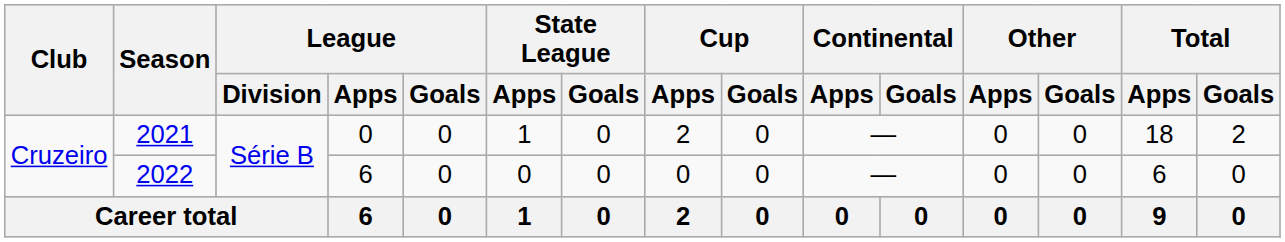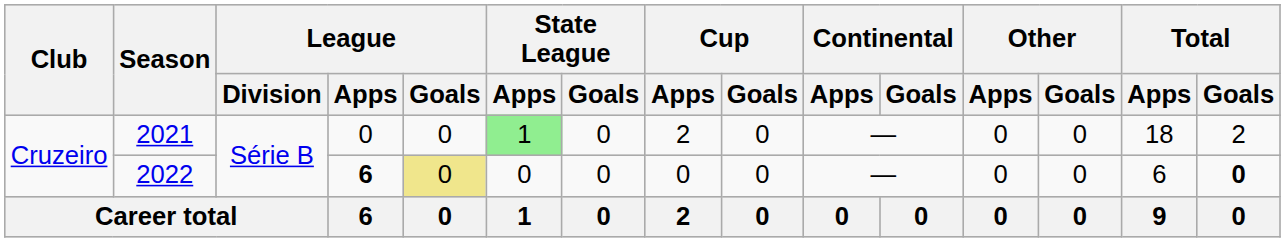 <table class="wikitable" style="text-align: center;">
 <tr>
 <th rowspan="2">Club</th>
 <th rowspan="2">Season</th>
 <th colspan="3">League</th>
 <th colspan="2">State League</th>
 <th colspan="2">Cup</th>
 <th colspan="2">Continental</th>
 <th colspan="2">Other</th>
 <th colspan="2">Total</th>
 </tr>
 <tr>
 <th>Division</th>
 <th>Apps</th>
 <th>Goals</th>
 <th>Apps</th>
 <th>Goals</th>
 <th>Apps</th>
 <th>Goals</th>
 <th>Apps</th>
 <th>Goals</th>
 <th>Apps</th>
 <th>Goals</th>
 <th>Apps</th>
 <th>Goals</th>
 </tr>
 <tr>
 <td rowspan="2"><a href='#'>Cruzeiro</a></td>
 <td><a href='#'>2021</a></td>
 <td rowspan="2"><a href='#'>Série B</a></td>
 <td>0</td>
 <td>0</td>
-<td>1</td>
+<td style="background: lightgreen;">1</td>
 <td>0</td>
 <td>2</td>
 <td>0</td>
 <td colspan="2">—</td>
 <td>0</td>
 <td>0</td>
 <td>18</td>
 <td>2</td>
 </tr>
 <tr>
 <td><a href='#'>2022</a></td>
-<td>6</td>
-<td>0</td>
+<td><strong>6</strong></td>
+<td style="background: khaki;">0</td>
 <td>0</td>
 <td>0</td>
 <td>0</td>
 <td>0</td>
 <td colspan="2">—</td>
 <td>0</td>
 <td>0</td>
 <td>6</td>
-<td>0</td>
+<td><strong>0</strong></td>
 </tr>
 <tr>
 <th colspan="3"><strong>Career total</strong></th>
 <th>6</th>
 <th>0</th>
 <th>1</th>
 <th>0</th>
 <th>2</th>
 <th>0</th>
 <th>0</th>
 <th>0</th>
 <th>0</th>
 <th>0</th>
 <th>9</th>
 <th>0</th>
 </tr>
 </table>
